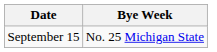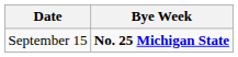 <table class="wikitable" style="font-size:95%;">
 <tr>
 <th>Date</th>
 <th>Bye Week</th>
 </tr>
 <tr>
 <td>September 15</td>
-<td>No. 25 <a href='#'>Michigan State</a></td>
+<td><strong>No. 25 <a href='#'>Michigan State</a></strong></td>
 </tr>
 </table>
